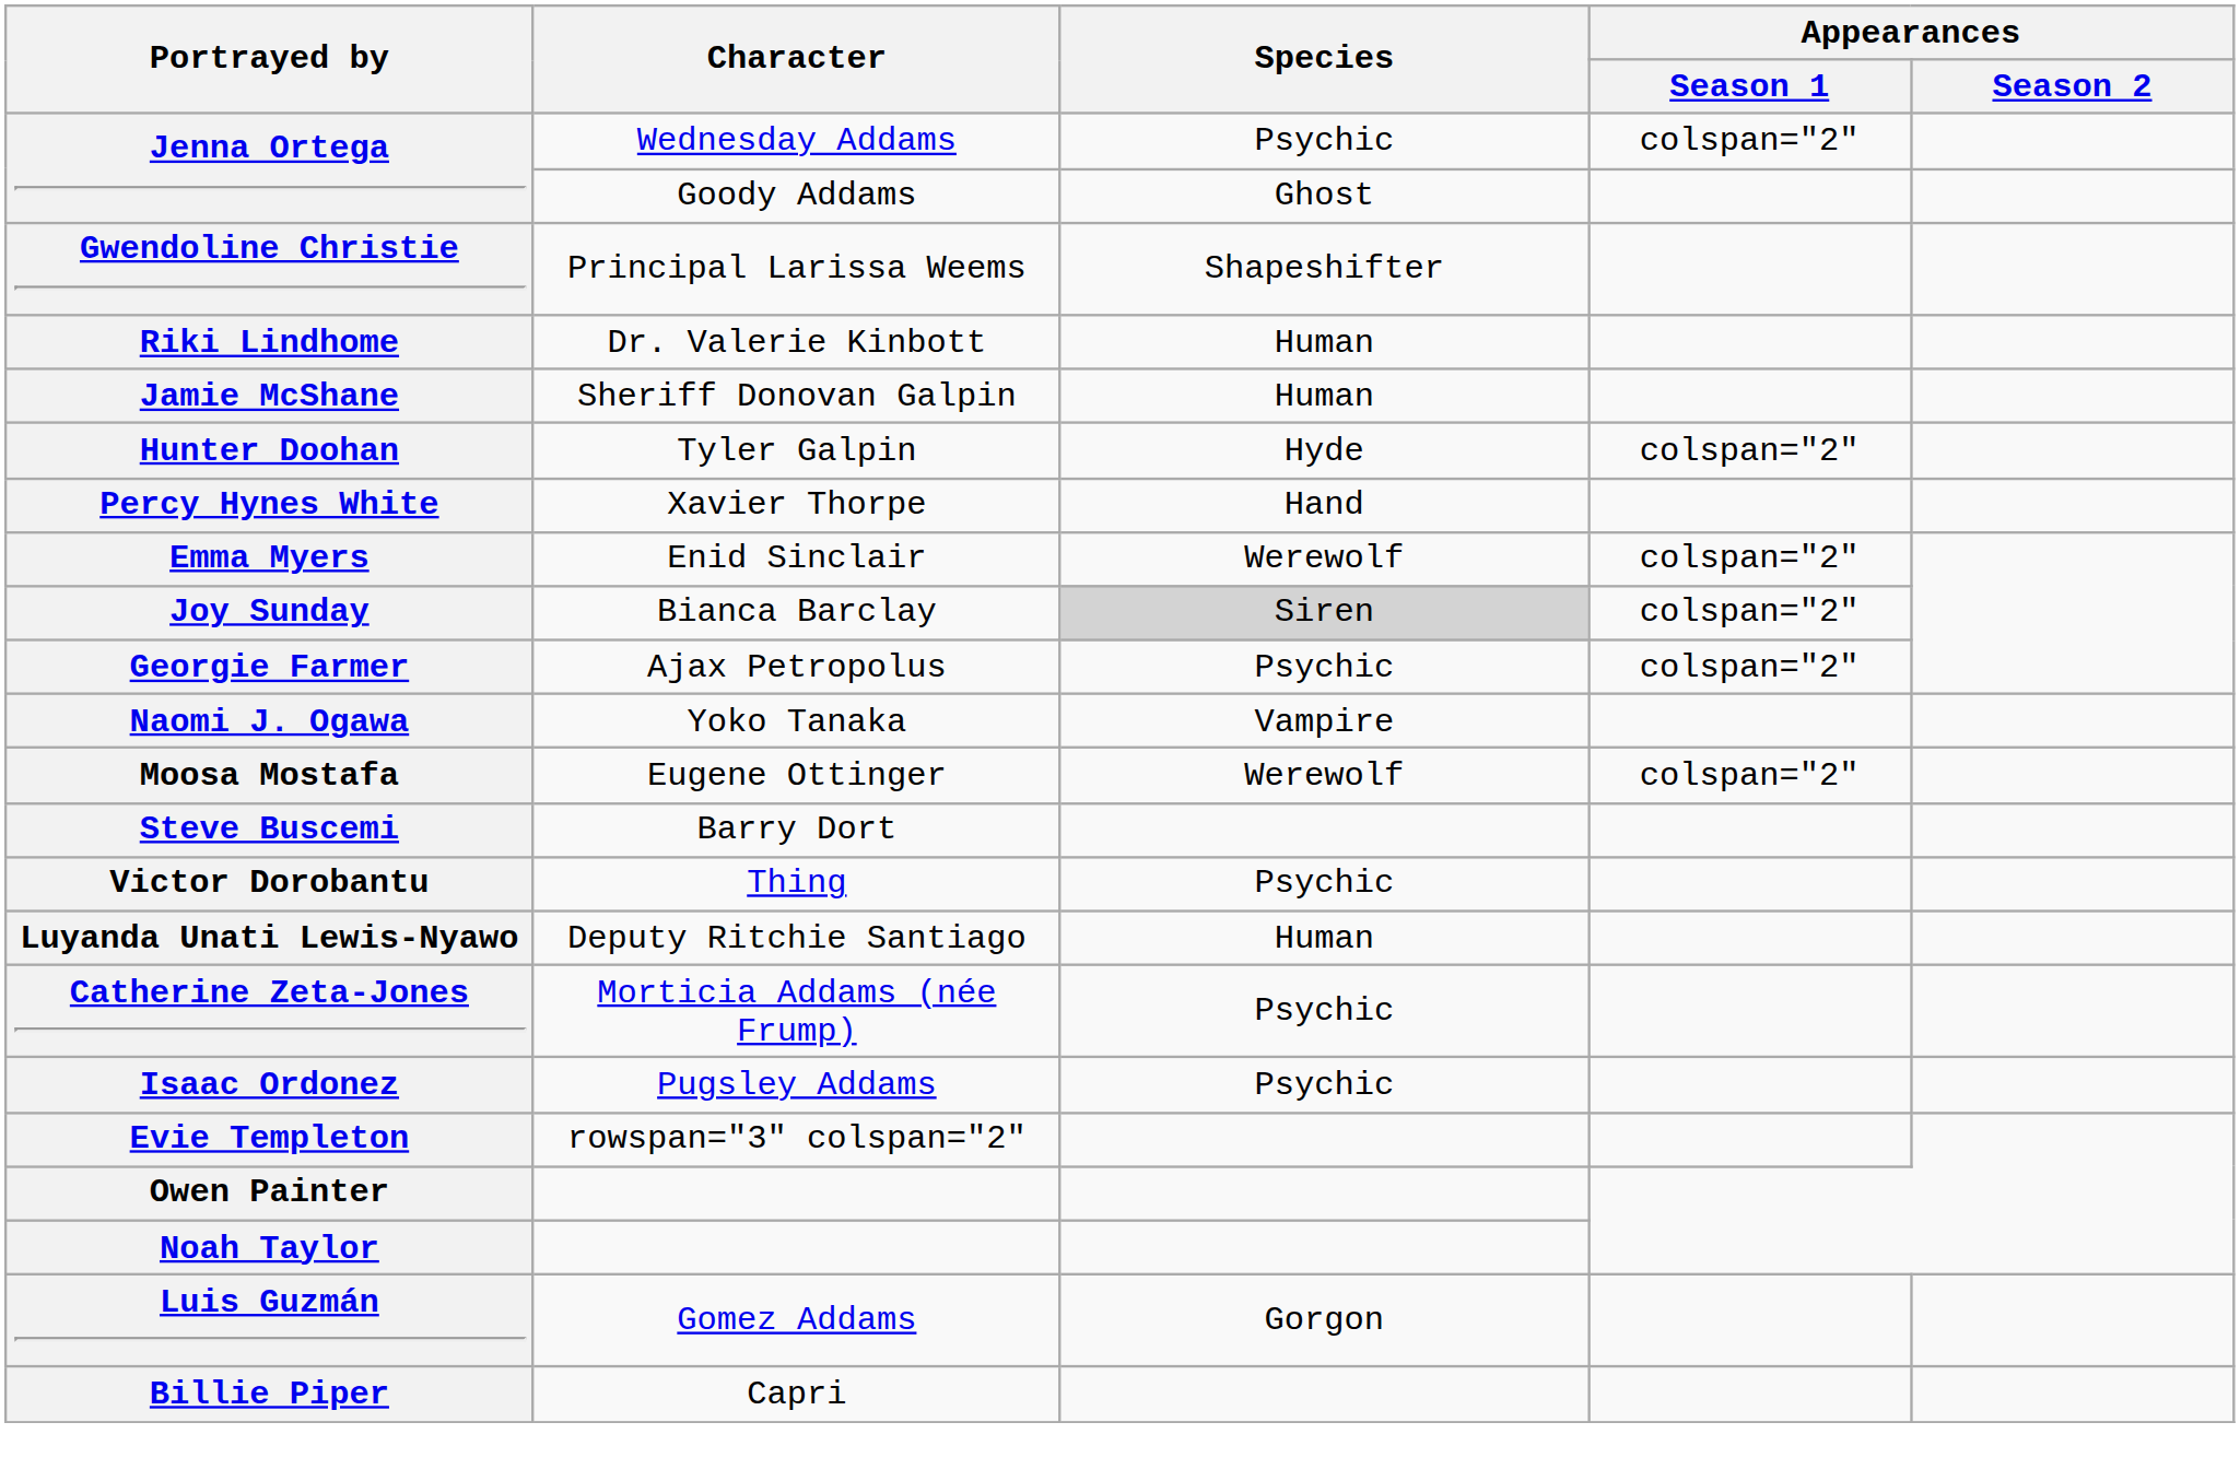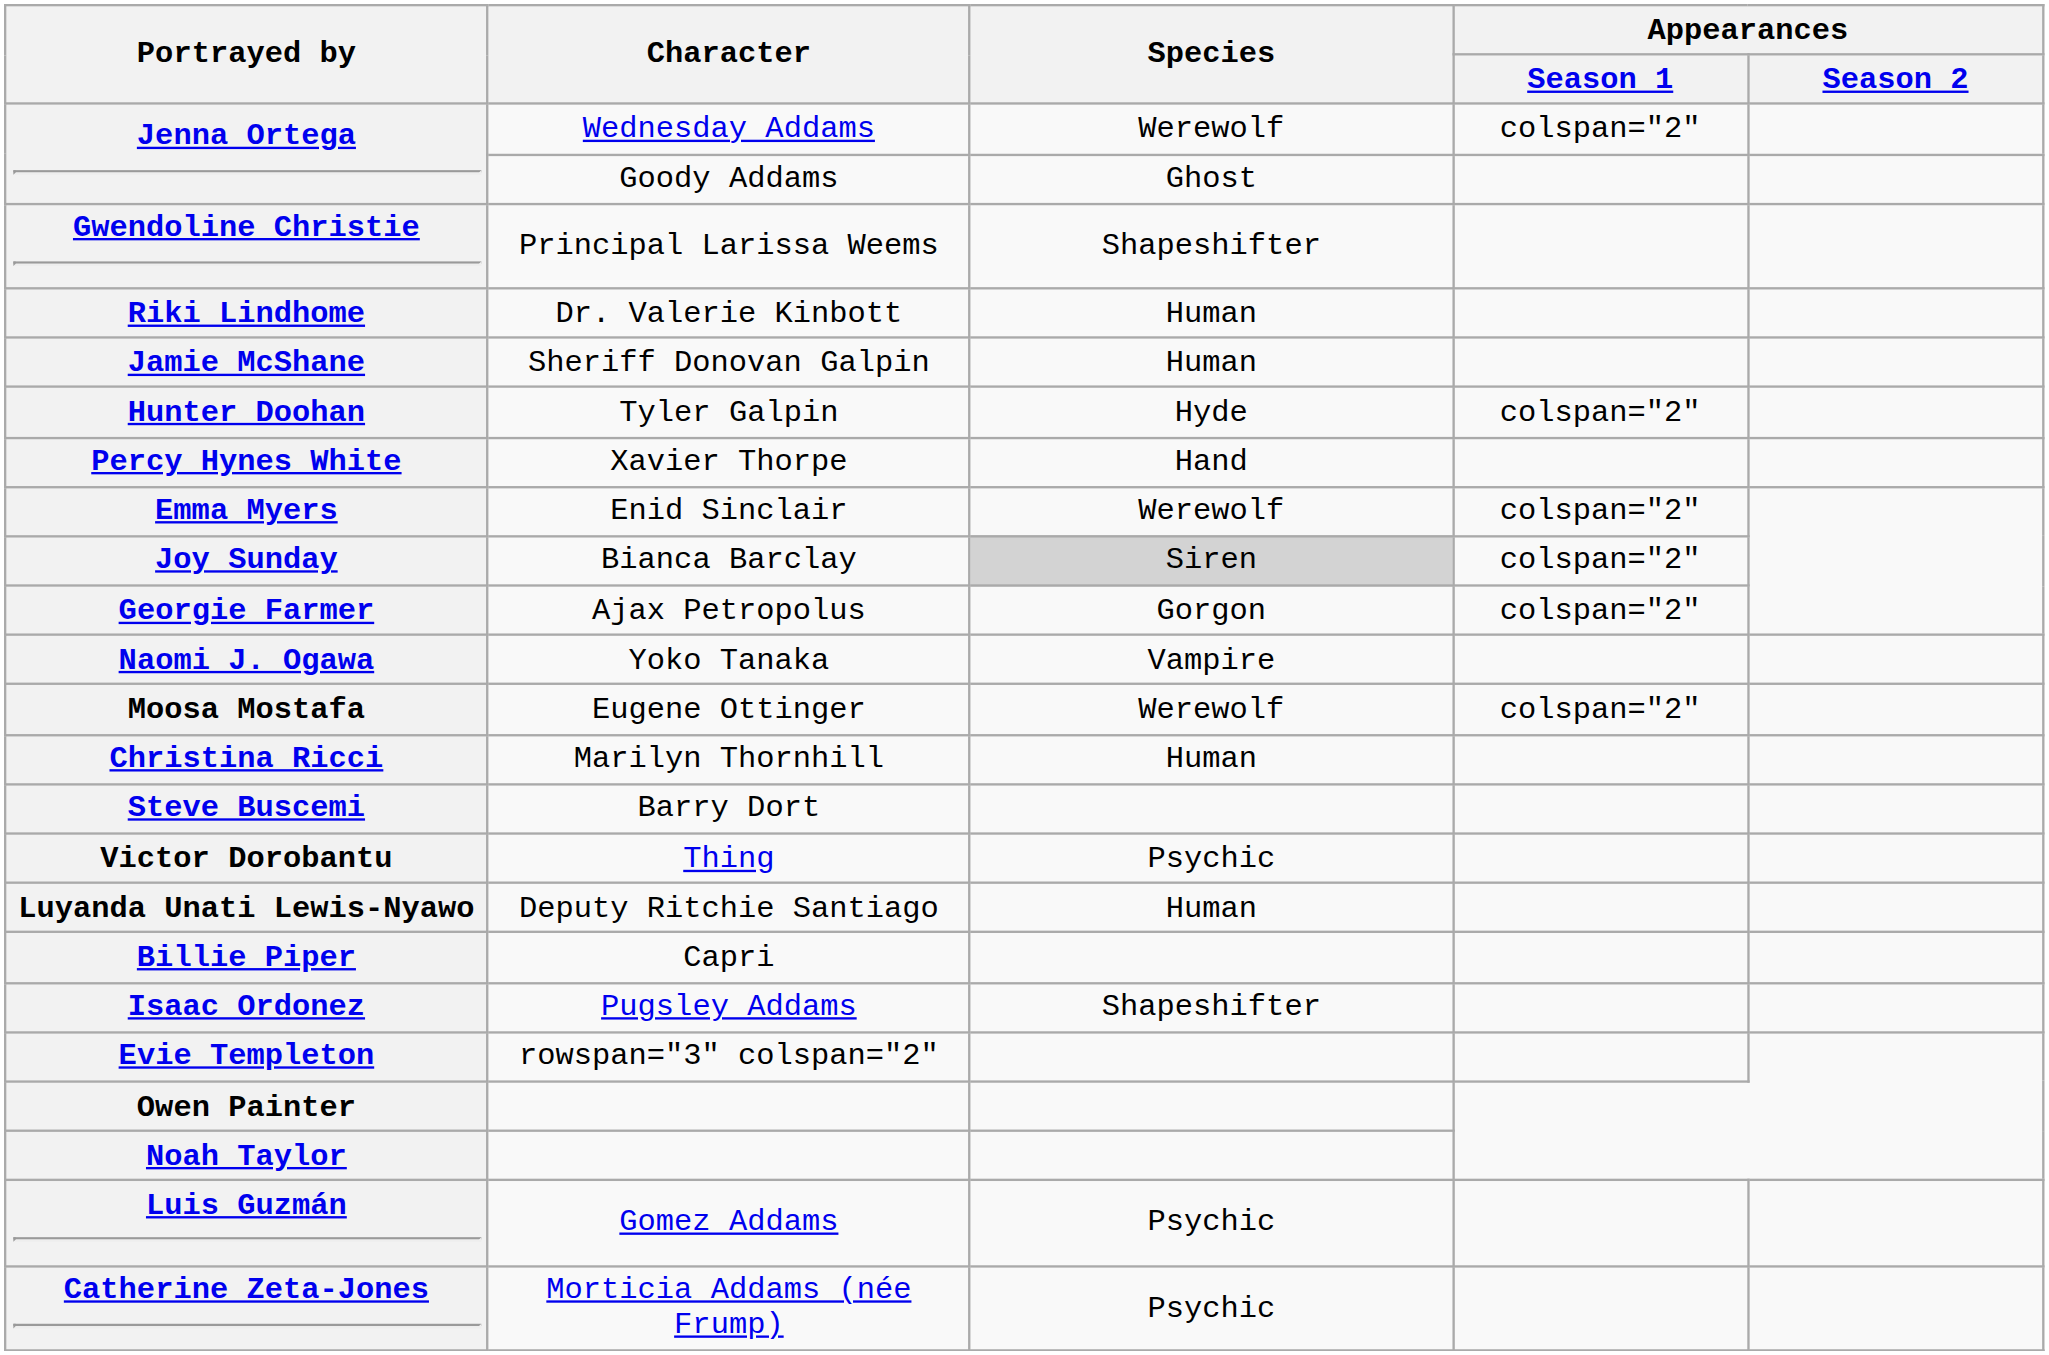 <table class="wikitable plainrowheaders" style="text-align: center;">
 <tr>
 <th rowspan="2" style="width: 200px;" scope="col">Portrayed by</th>
 <th rowspan="2" style="width: 200px;" scope="col">Character</th>
 <th rowspan="2" style="width: 200px;" scope="col">Species</th>
 <th colspan="2" style="width: 200px;">Appearances</th>
 </tr>
 <tr>
 <th style="width: 120px;" scope="col"><a href='#'>Season 1</a></th>
 <th style="width: 120px;" scope="col"><a href='#'>Season 2</a></th>
 </tr>
 <tr>
 <th rowspan="2" scope="row"><a href='#'>Jenna Ortega</a><hr></th>
 <td><a href='#'>Wednesday Addams</a></td>
-<td>Psychic</td>
+<td>Werewolf</td>
 <td>colspan="2" </td>
 </tr>
 <tr>
 <td>Goody Addams</td>
 <td>Ghost</td>
 <td></td>
 <td></td>
 </tr>
 <tr>
 <th scope="row"><a href='#'>Gwendoline Christie</a><hr></th>
 <td>Principal Larissa Weems</td>
 <td>Shapeshifter</td>
 <td></td>
 <td></td>
 </tr>
 <tr>
 <th scope="row"><a href='#'>Riki Lindhome</a></th>
 <td>Dr. Valerie Kinbott</td>
 <td>Human</td>
 <td></td>
 <td></td>
 </tr>
 <tr>
 <th scope="row"><a href='#'>Jamie McShane</a></th>
 <td>Sheriff Donovan Galpin</td>
 <td>Human</td>
 <td></td>
 <td></td>
 </tr>
 <tr>
 <th scope="row"><a href='#'>Hunter Doohan</a></th>
 <td>Tyler Galpin</td>
 <td>Hyde</td>
 <td>colspan="2" </td>
 </tr>
 <tr>
 <th scope="row"><a href='#'>Percy Hynes White</a></th>
 <td>Xavier Thorpe</td>
 <td>Hand</td>
 <td></td>
 <td></td>
 </tr>
 <tr>
 <th scope="row"><a href='#'>Emma Myers</a></th>
 <td>Enid Sinclair</td>
 <td>Werewolf</td>
 <td>colspan="2" </td>
 </tr>
 <tr>
 <th scope="row"><a href='#'>Joy Sunday</a></th>
 <td>Bianca Barclay</td>
 <td style="background: lightgrey;">Siren</td>
 <td>colspan="2" </td>
 </tr>
 <tr>
 <th scope="row"><a href='#'>Georgie Farmer</a></th>
 <td>Ajax Petropolus</td>
-<td>Psychic</td>
+<td>Gorgon</td>
 <td>colspan="2" </td>
 </tr>
 <tr>
 <th scope="row"><a href='#'>Naomi J. Ogawa</a></th>
 <td>Yoko Tanaka</td>
 <td>Vampire</td>
 <td></td>
 <td></td>
 </tr>
 <tr>
 <th scope="row">Moosa Mostafa</th>
 <td>Eugene Ottinger</td>
 <td>Werewolf</td>
 <td>colspan="2" </td>
+</tr>
+<tr>
+<th scope="row"><a href='#'>Christina Ricci</a></th>
+<td>Marilyn Thornhill<br></td>
+<td>Human</td>
+<td></td>
+<td></td>
 </tr>
 <tr>
 <th scope="row"><a href='#'>Steve Buscemi</a></th>
 <td>Barry Dort</td>
 <td></td>
 <td></td>
 <td></td>
 </tr>
 <tr>
 <th scope="row">Victor Dorobantu</th>
 <td><a href='#'>Thing</a></td>
 <td>Psychic</td>
 <td></td>
 <td></td>
 </tr>
 <tr>
 <th scope="row">Luyanda Unati Lewis-Nyawo</th>
 <td>Deputy Ritchie Santiago</td>
 <td>Human</td>
 <td></td>
 <td></td>
 </tr>
 <tr>
-<th scope="row"><a href='#'>Catherine Zeta-Jones</a><hr></th>
-<td><a href='#'>Morticia Addams (née Frump)</a></td>
-<td>Psychic</td>
+<th scope="row"><a href='#'>Billie Piper</a></th>
+<td>Capri</td>
+<td></td>
 <td></td>
 <td></td>
 </tr>
 <tr>
 <th scope="row"><a href='#'>Isaac Ordonez</a></th>
 <td><a href='#'>Pugsley Addams</a></td>
-<td>Psychic</td>
+<td>Shapeshifter</td>
 <td></td>
 <td></td>
 </tr>
 <tr>
 <th scope="row"><a href='#'>Evie Templeton</a></th>
 <td>rowspan="3" colspan="2" </td>
 <td></td>
 <td></td>
 </tr>
 <tr>
 <th scope="row">Owen Painter</th>
 <td></td>
 <td></td>
 </tr>
 <tr>
 <th scope="row"><a href='#'>Noah Taylor</a></th>
 <td></td>
 <td></td>
 </tr>
 <tr>
 <th scope="row"><a href='#'>Luis Guzmán</a><hr></th>
 <td><a href='#'>Gomez Addams</a></td>
-<td>Gorgon</td>
+<td>Psychic</td>
 <td></td>
 <td></td>
 </tr>
 <tr>
-<th scope="row"><a href='#'>Billie Piper</a></th>
-<td>Capri</td>
-<td></td>
+<th scope="row"><a href='#'>Catherine Zeta-Jones</a><hr></th>
+<td><a href='#'>Morticia Addams (née Frump)</a></td>
+<td>Psychic</td>
 <td></td>
 <td></td>
 </tr>
 <tr>
 </tr>
 </table>
